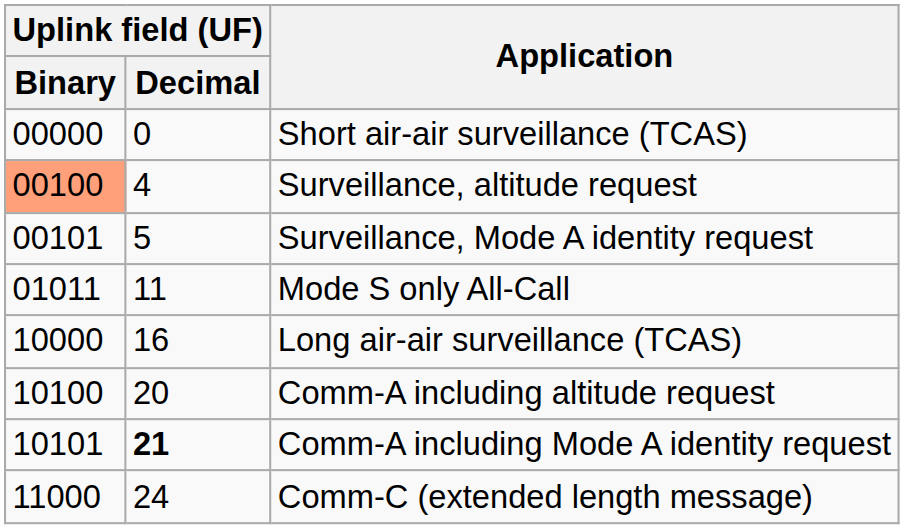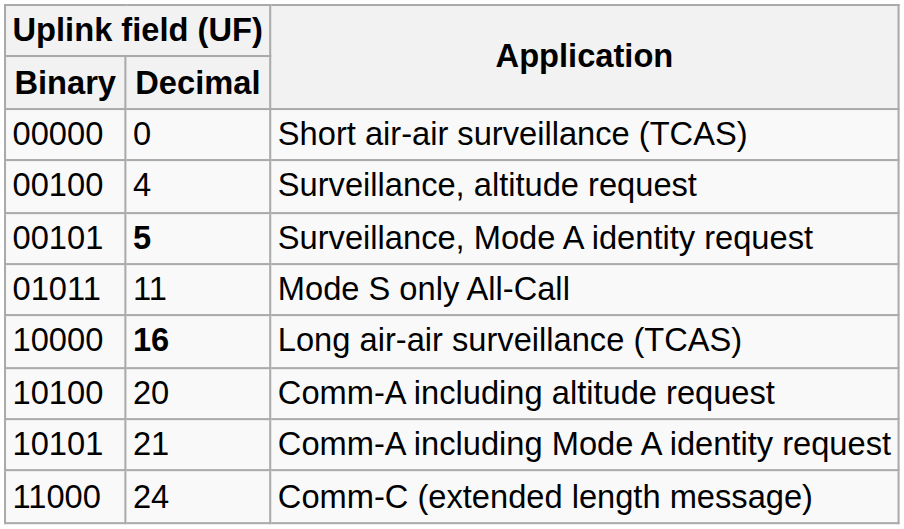 <table class="wikitable">
 <tr>
 <th colspan=2>Uplink field (UF)</th>
 <th rowspan=2>Application</th>
 </tr>
 <tr>
 <th>Binary</th>
 <th>Decimal</th>
 </tr>
 <tr>
 <td>00000</td>
 <td>0</td>
 <td>Short air-air surveillance (TCAS)</td>
 </tr>
 <tr>
-<td style="background: lightsalmon;">00100</td>
+<td>00100</td>
 <td>4</td>
 <td>Surveillance, altitude request</td>
 </tr>
 <tr>
 <td>00101</td>
-<td>5</td>
+<td><strong>5</strong></td>
 <td>Surveillance, Mode A identity request</td>
 </tr>
 <tr>
 <td>01011</td>
 <td>11</td>
 <td>Mode S only All-Call</td>
 </tr>
 <tr>
 <td>10000</td>
-<td>16</td>
+<td><strong>16</strong></td>
 <td>Long air-air surveillance (TCAS)</td>
 </tr>
 <tr>
 <td>10100</td>
 <td>20</td>
 <td>Comm-A including altitude request</td>
 </tr>
 <tr>
 <td>10101</td>
-<td><strong>21</strong></td>
+<td>21</td>
 <td>Comm-A including Mode A identity request</td>
 </tr>
 <tr>
 <td>11000</td>
 <td>24</td>
 <td>Comm-C (extended length message)</td>
 </tr>
 </table>
